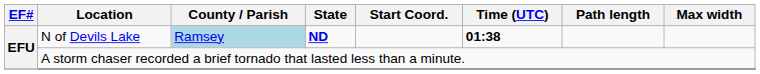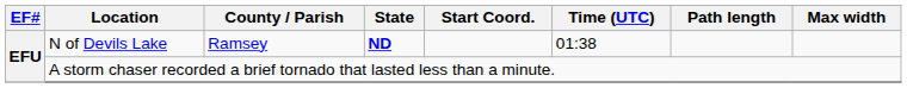 <table class="wikitable sortable" style="width:100%;">
 <tr>
 <th scope="col" width="2%" align="center"><a href='#'>EF#</a></th>
 <th scope="col" align="center" class="unsortable">Location</th>
 <th scope="col" align="center" class="unsortable">County / Parish</th>
 <th scope="col" align="center">State</th>
 <th scope="col" align="center">Start Coord.</th>
 <th scope="col" align="center">Time (<a href='#'>UTC</a>)</th>
 <th scope="col" align="center">Path length</th>
 <th scope="col" align="center">Max width</th>
 </tr>
 <tr>
 <th scope="row" rowspan="2" style="background-color:#">EFU</th>
 <td>N of <a href='#'>Devils Lake</a></td>
-<td style="background: lightblue;"><a href='#'>Ramsey</a></td>
+<td><a href='#'>Ramsey</a></td>
 <td><strong><a href='#'>ND</a></strong></td>
 <td></td>
-<td><strong>01:38</strong></td>
+<td>01:38</td>
 <td></td>
 <td></td>
 </tr>
 <tr class="expand-child">
 <td colspan="8" style=" border-bottom: 1px solid black;">A storm chaser recorded a brief tornado that lasted less than a minute.</td>
 </tr>
 <tr>
 </tr>
 </table>
